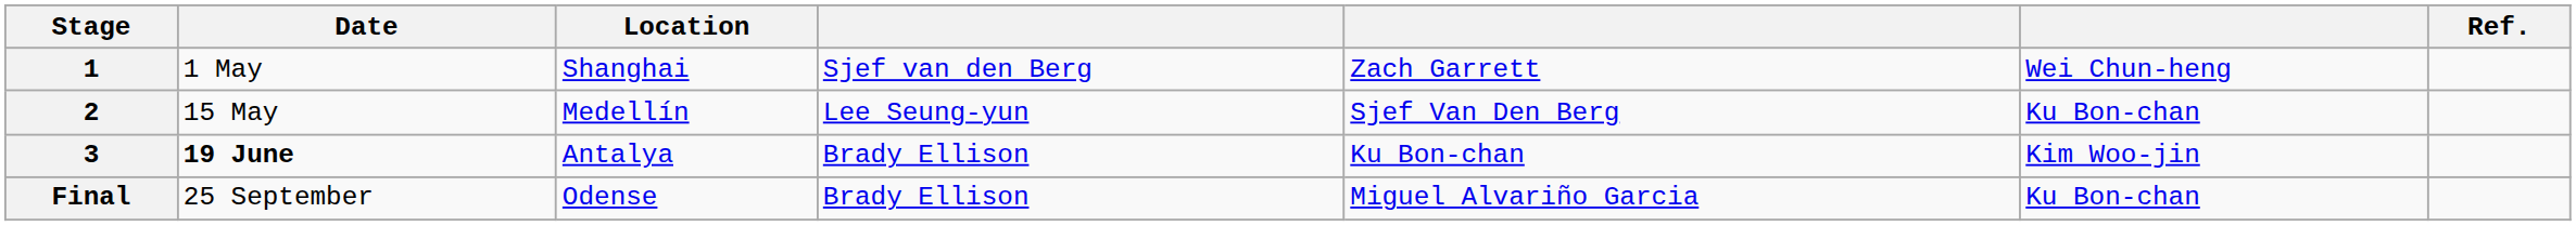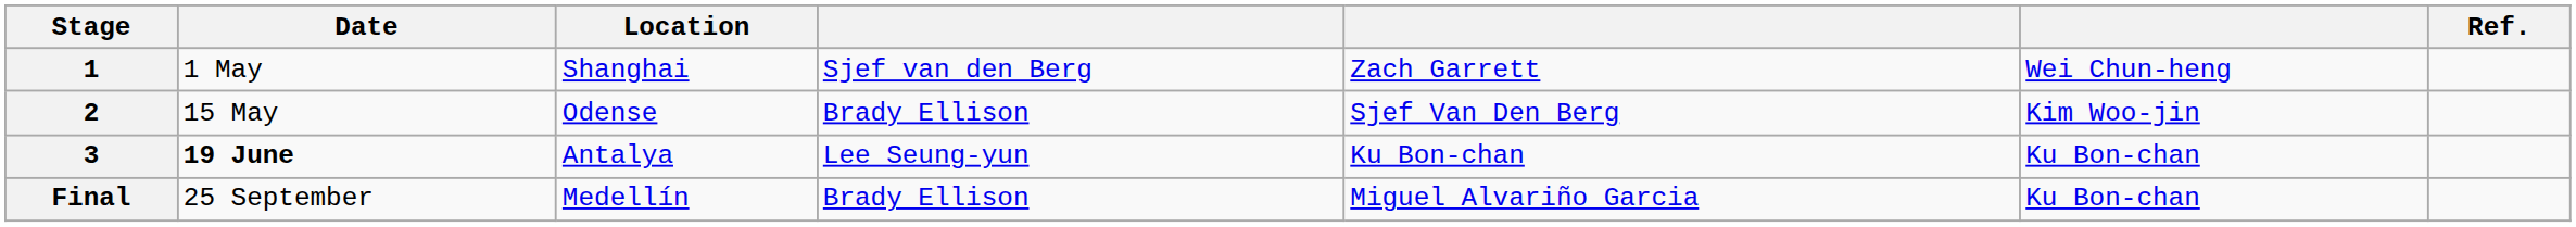 <table class="wikitable" style="width:100%">
 <tr>
 <th>Stage</th>
 <th>Date</th>
 <th>Location</th>
 <th></th>
 <th></th>
 <th></th>
 <th>Ref.</th>
 </tr>
 <tr>
 <th>1</th>
 <td>1 May</td>
 <td> <a href='#'>Shanghai</a></td>
 <td> <a href='#'>Sjef van den Berg</a></td>
 <td> <a href='#'>Zach Garrett</a></td>
 <td> <a href='#'>Wei Chun-heng</a></td>
 <td></td>
 </tr>
 <tr>
 <th>2</th>
 <td>15 May</td>
-<td> <a href='#'>Medellín</a></td>
-<td> <a href='#'>Lee Seung-yun</a></td>
+<td> <a href='#'>Odense</a></td>
+<td> <a href='#'>Brady Ellison</a></td>
 <td> <a href='#'>Sjef Van Den Berg</a></td>
-<td> <a href='#'>Ku Bon-chan</a></td>
+<td> <a href='#'>Kim Woo-jin</a></td>
 <td></td>
 </tr>
 <tr>
 <th>3</th>
 <td><strong>19 June</strong></td>
 <td> <a href='#'>Antalya</a></td>
-<td> <a href='#'>Brady Ellison</a></td>
+<td> <a href='#'>Lee Seung-yun</a></td>
 <td> <a href='#'>Ku Bon-chan</a></td>
-<td> <a href='#'>Kim Woo-jin</a></td>
+<td> <a href='#'>Ku Bon-chan</a></td>
 <td></td>
 </tr>
 <tr>
 <th>Final</th>
 <td>25 September</td>
-<td> <a href='#'>Odense</a></td>
+<td> <a href='#'>Medellín</a></td>
 <td> <a href='#'>Brady Ellison</a></td>
 <td> <a href='#'>Miguel Alvariño Garcia</a></td>
 <td> <a href='#'>Ku Bon-chan</a></td>
 </tr>
 </table>
